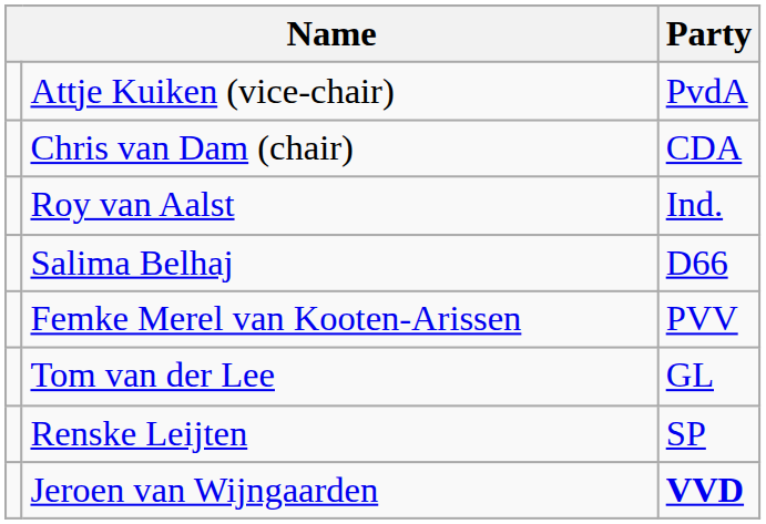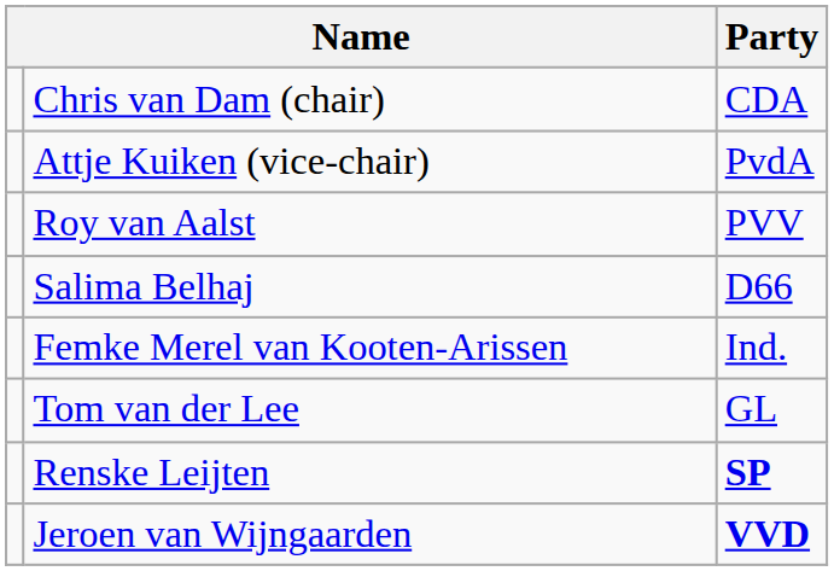 <table class="wikitable">
 <tr>
 <th colspan="2">Name</th>
 <th>Party</th>
+</tr>
+<tr>
+<td style="color:inherit;background:"></td>
+<td width="275px"><a href='#'>Chris van Dam</a> (chair)</td>
+<td><a href='#'>CDA</a></td>
 </tr>
 <tr>
 <td style="color:inherit;background:"></td>
 <td><a href='#'>Attje Kuiken</a> (vice-chair)</td>
 <td><a href='#'>PvdA</a></td>
 </tr>
 <tr>
 <td style="color:inherit;background:"></td>
-<td width="275px"><a href='#'>Chris van Dam</a> (chair)</td>
-<td><a href='#'>CDA</a></td>
-</tr>
-<tr>
-<td style="color:inherit;background:"></td>
 <td><a href='#'>Roy van Aalst</a></td>
-<td><a href='#'>Ind.</a></td>
+<td><a href='#'>PVV</a></td>
 </tr>
 <tr>
 <td style="color:inherit;background:"></td>
 <td><a href='#'>Salima Belhaj</a></td>
 <td><a href='#'>D66</a></td>
 </tr>
 <tr>
 <td style="color:inherit;background:"></td>
 <td><a href='#'>Femke Merel van Kooten-Arissen</a></td>
-<td><a href='#'>PVV</a></td>
+<td><a href='#'>Ind.</a></td>
 </tr>
 <tr>
 <td style="color:inherit;background:"></td>
 <td><a href='#'>Tom van der Lee</a></td>
 <td><a href='#'>GL</a></td>
 </tr>
 <tr>
 <td style="color:inherit;background:"></td>
 <td><a href='#'>Renske Leijten</a></td>
-<td><a href='#'>SP</a></td>
+<td><strong><a href='#'>SP</a></strong></td>
 </tr>
 <tr>
 <td style="color:inherit;background:"></td>
 <td><a href='#'>Jeroen van Wijngaarden</a></td>
 <td><strong><a href='#'>VVD</a></strong></td>
 </tr>
 </table>
